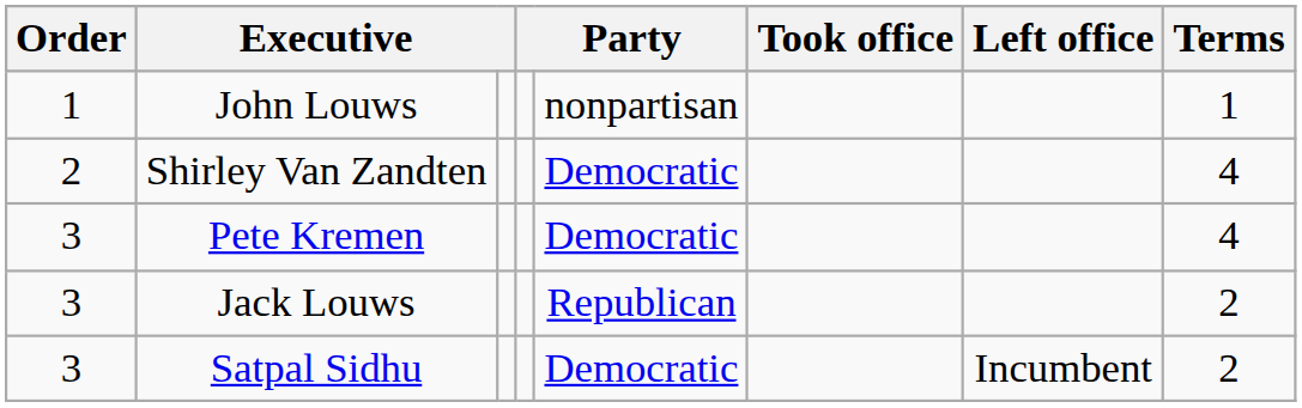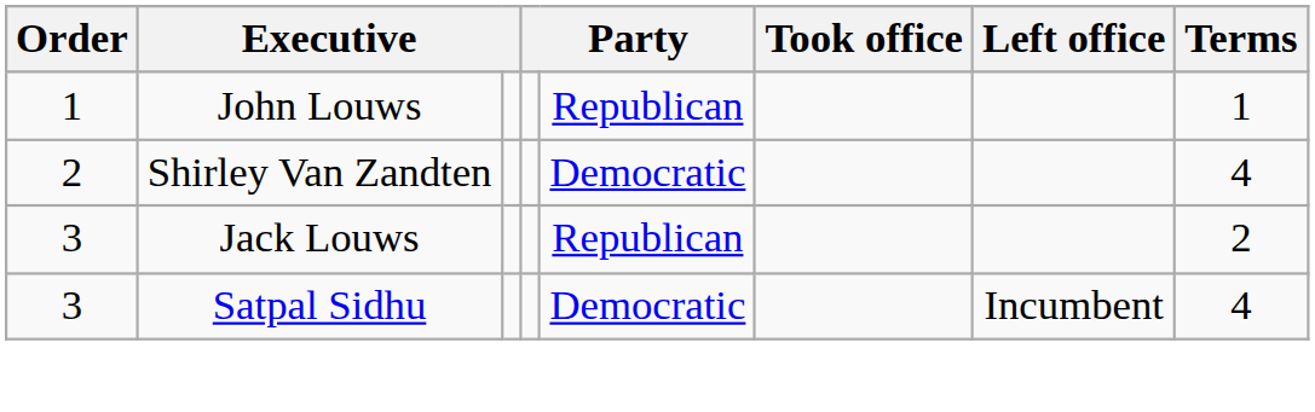 <table class="wikitable sortable" style="text-align:center">
 <tr style="background:#cccccc">
 <th>Order</th>
 <th colspan="2">Executive</th>
 <th colspan="2">Party</th>
 <th>Took office</th>
 <th>Left office</th>
 <th>Terms</th>
 </tr>
 <tr>
 <td>1</td>
 <td>John Louws</td>
 <td></td>
 <td></td>
-<td>nonpartisan</td>
+<td><a href='#'>Republican</a></td>
 <td></td>
 <td></td>
 <td>1</td>
 </tr>
 <tr>
 <td>2</td>
 <td>Shirley Van Zandten</td>
 <td></td>
 <td></td>
-<td><a href='#'>Democratic</a></td>
-<td></td>
-<td></td>
-<td>4</td>
-</tr>
-<tr>
-<td>3</td>
-<td><a href='#'>Pete Kremen</a></td>
-<td></td>
-<td style="background: "></td>
 <td><a href='#'>Democratic</a></td>
 <td></td>
 <td></td>
 <td>4</td>
 </tr>
 <tr>
 <td>3</td>
 <td>Jack Louws</td>
 <td></td>
 <td style="background: "></td>
 <td><a href='#'>Republican</a></td>
 <td></td>
 <td></td>
 <td>2</td>
 </tr>
 <tr>
 <td>3</td>
 <td><a href='#'>Satpal Sidhu</a></td>
 <td></td>
 <td style="background: "></td>
 <td><a href='#'>Democratic</a></td>
 <td></td>
 <td>Incumbent</td>
-<td>2</td>
+<td>4</td>
 </tr>
 </table>
